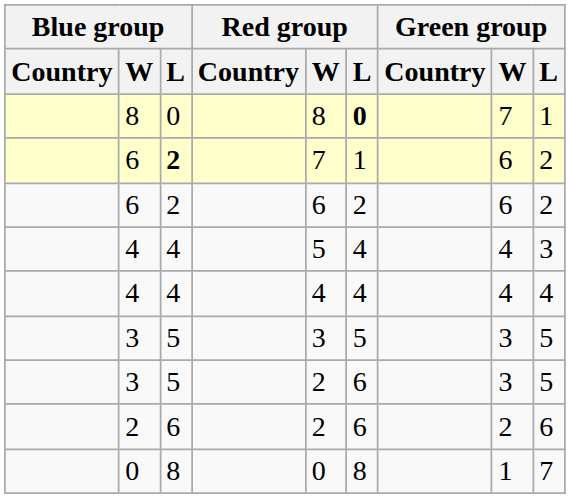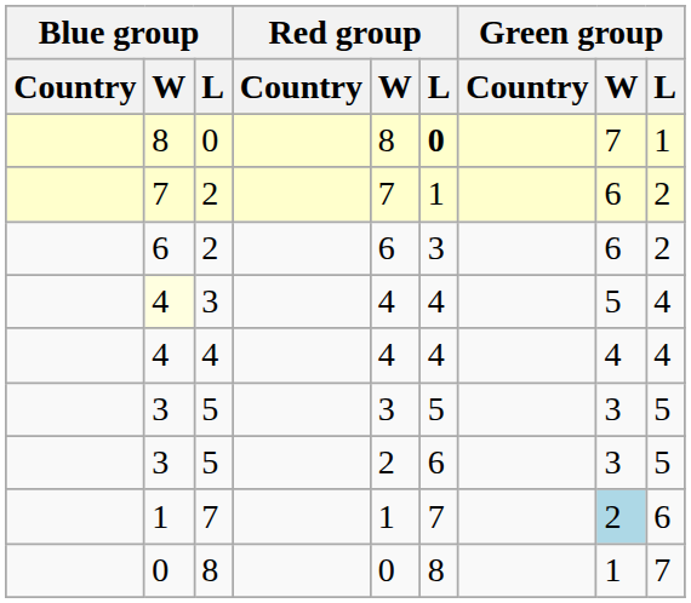 <table class="wikitable">
 <tr>
 <th colspan=3>Blue group</th>
 <th colspan=3>Red group</th>
 <th colspan=3>Green group</th>
 </tr>
 <tr>
 <th>Country</th>
 <th>W</th>
 <th>L</th>
 <th>Country</th>
 <th>W</th>
 <th>L</th>
 <th>Country</th>
 <th>W</th>
 <th>L</th>
 </tr>
 <tr bgcolor="#ffffcc">
 <td></td>
 <td>8</td>
 <td>0</td>
 <td></td>
 <td>8</td>
 <td><strong>0</strong></td>
 <td></td>
 <td>7</td>
 <td>1</td>
 </tr>
 <tr bgcolor="#ffffcc">
 <td></td>
-<td>6</td>
-<td><strong>2</strong></td>
+<td>7</td>
+<td>2</td>
 <td></td>
 <td>7</td>
 <td>1</td>
 <td></td>
 <td>6</td>
 <td>2</td>
 </tr>
 <tr>
 <td></td>
 <td>6</td>
 <td>2</td>
 <td></td>
 <td>6</td>
-<td>2</td>
+<td>3</td>
 <td></td>
 <td>6</td>
 <td>2</td>
 </tr>
 <tr>
 <td></td>
+<td style="background: lightyellow;">4</td>
+<td>3</td>
+<td></td>
 <td>4</td>
 <td>4</td>
 <td></td>
 <td>5</td>
 <td>4</td>
-<td></td>
-<td>4</td>
-<td>3</td>
 </tr>
 <tr>
 <td></td>
 <td>4</td>
 <td>4</td>
 <td></td>
 <td>4</td>
 <td>4</td>
 <td></td>
 <td>4</td>
 <td>4</td>
 </tr>
 <tr>
 <td></td>
 <td>3</td>
 <td>5</td>
 <td></td>
 <td>3</td>
 <td>5</td>
 <td></td>
 <td>3</td>
 <td>5</td>
 </tr>
 <tr>
 <td></td>
 <td>3</td>
 <td>5</td>
 <td></td>
 <td>2</td>
 <td>6</td>
 <td></td>
 <td>3</td>
 <td>5</td>
 </tr>
 <tr>
 <td></td>
-<td>2</td>
-<td>6</td>
+<td>1</td>
+<td>7</td>
 <td></td>
-<td>2</td>
-<td>6</td>
+<td>1</td>
+<td>7</td>
 <td></td>
-<td>2</td>
+<td style="background: lightblue;">2</td>
 <td>6</td>
 </tr>
 <tr>
 <td></td>
 <td>0</td>
 <td>8</td>
 <td></td>
 <td>0</td>
 <td>8</td>
 <td></td>
 <td>1</td>
 <td>7</td>
 </tr>
 </table>
